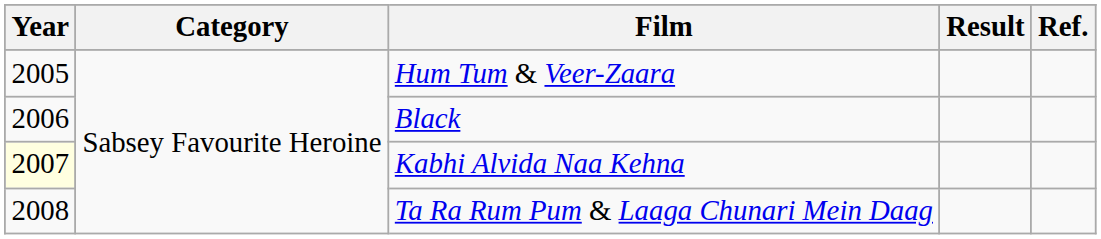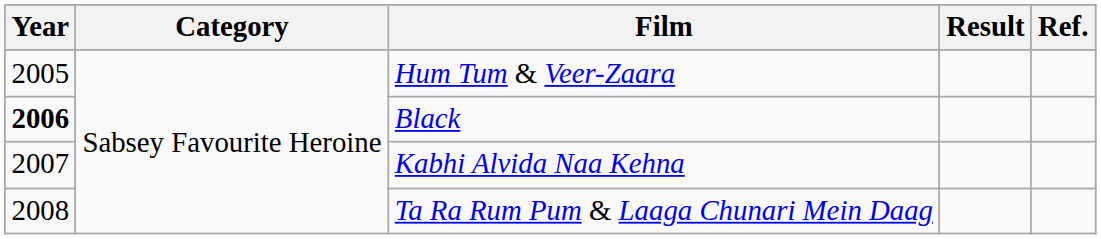 <table class="wikitable">
 <tr>
 <th>Year</th>
 <th>Category</th>
 <th>Film</th>
 <th>Result</th>
 <th>Ref.</th>
 </tr>
 <tr>
 <td>2005</td>
 <td rowspan="4">Sabsey Favourite Heroine</td>
 <td><em><a href='#'>Hum Tum</a></em> & <em><a href='#'>Veer-Zaara</a></em></td>
 <td></td>
 <td></td>
 </tr>
 <tr>
-<td>2006</td>
+<td><strong>2006</strong></td>
 <td><em><a href='#'>Black</a></em></td>
 <td></td>
 <td></td>
 </tr>
 <tr>
-<td style="background: lightyellow;">2007</td>
+<td>2007</td>
 <td><em><a href='#'>Kabhi Alvida Naa Kehna</a></em></td>
 <td></td>
 <td></td>
 </tr>
 <tr>
 <td>2008</td>
 <td><em><a href='#'>Ta Ra Rum Pum</a></em> & <em><a href='#'>Laaga Chunari Mein Daag</a></em></td>
 <td></td>
 <td></td>
 </tr>
 </table>
